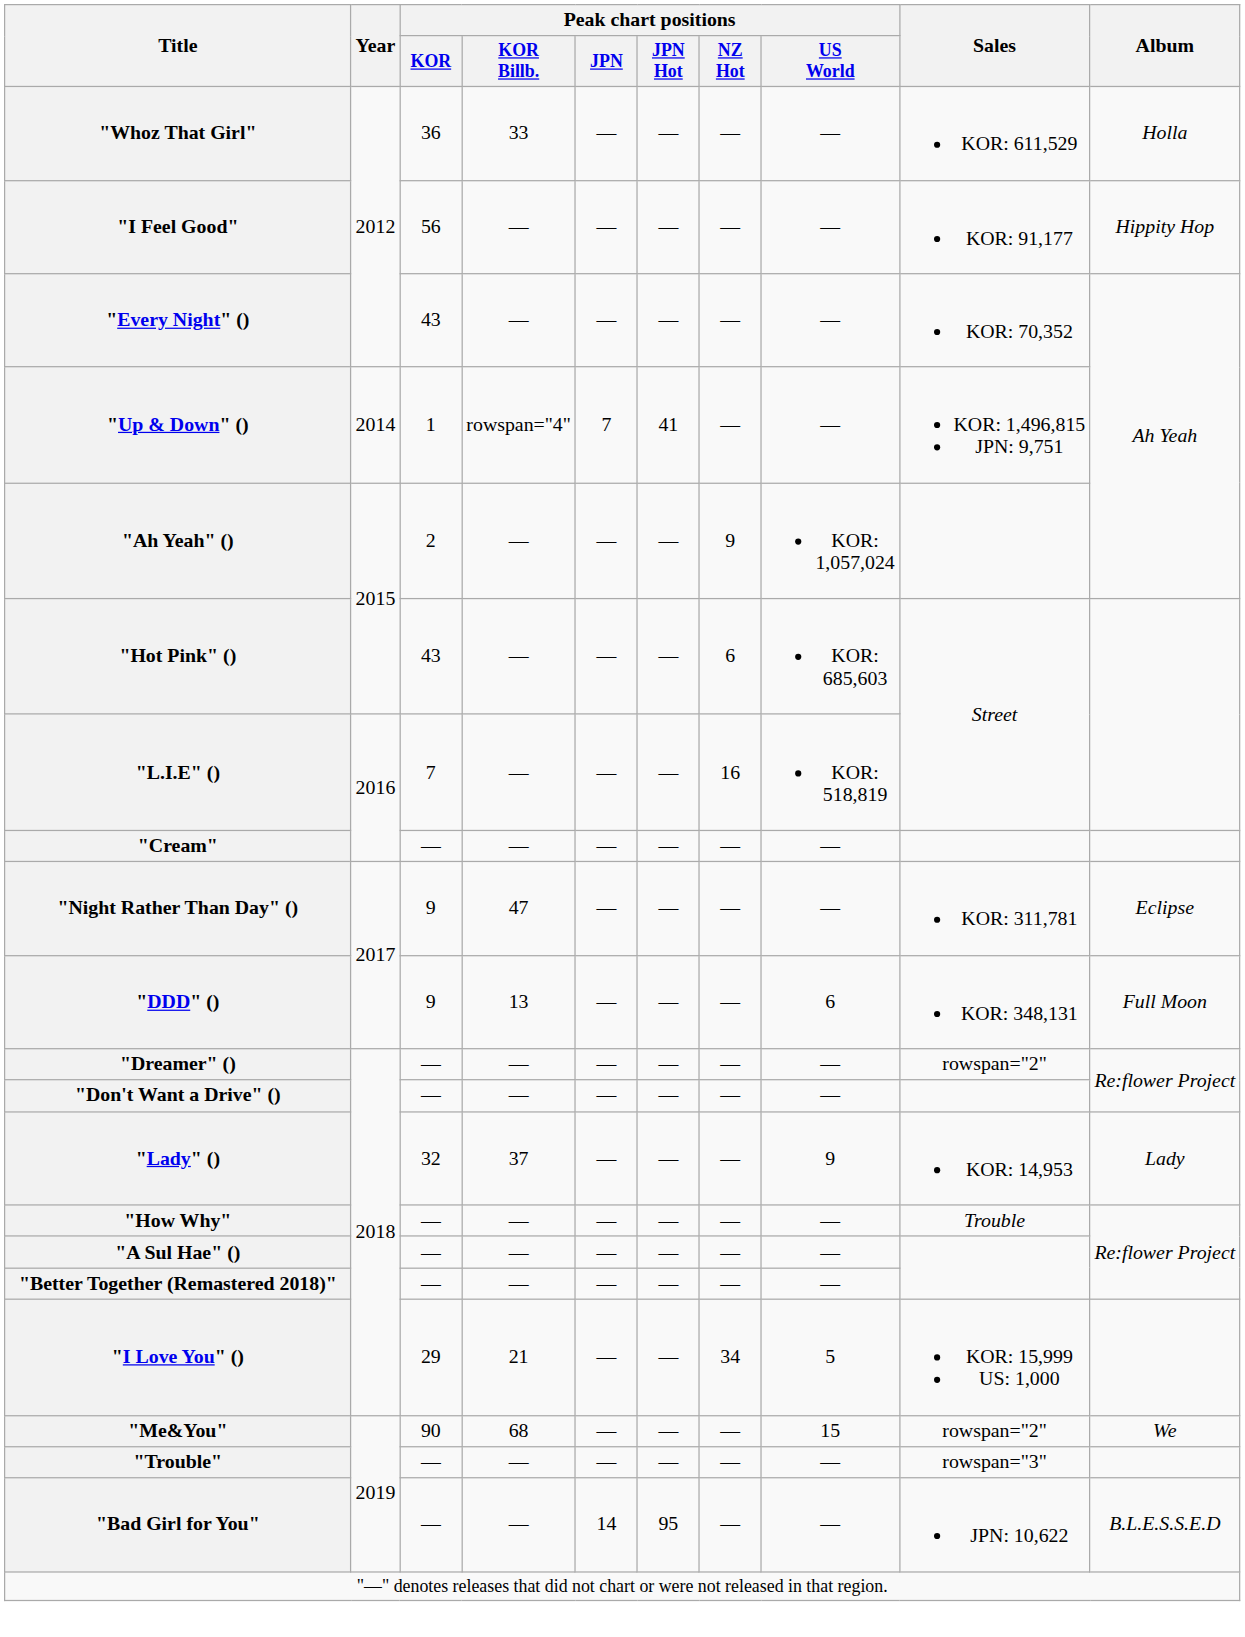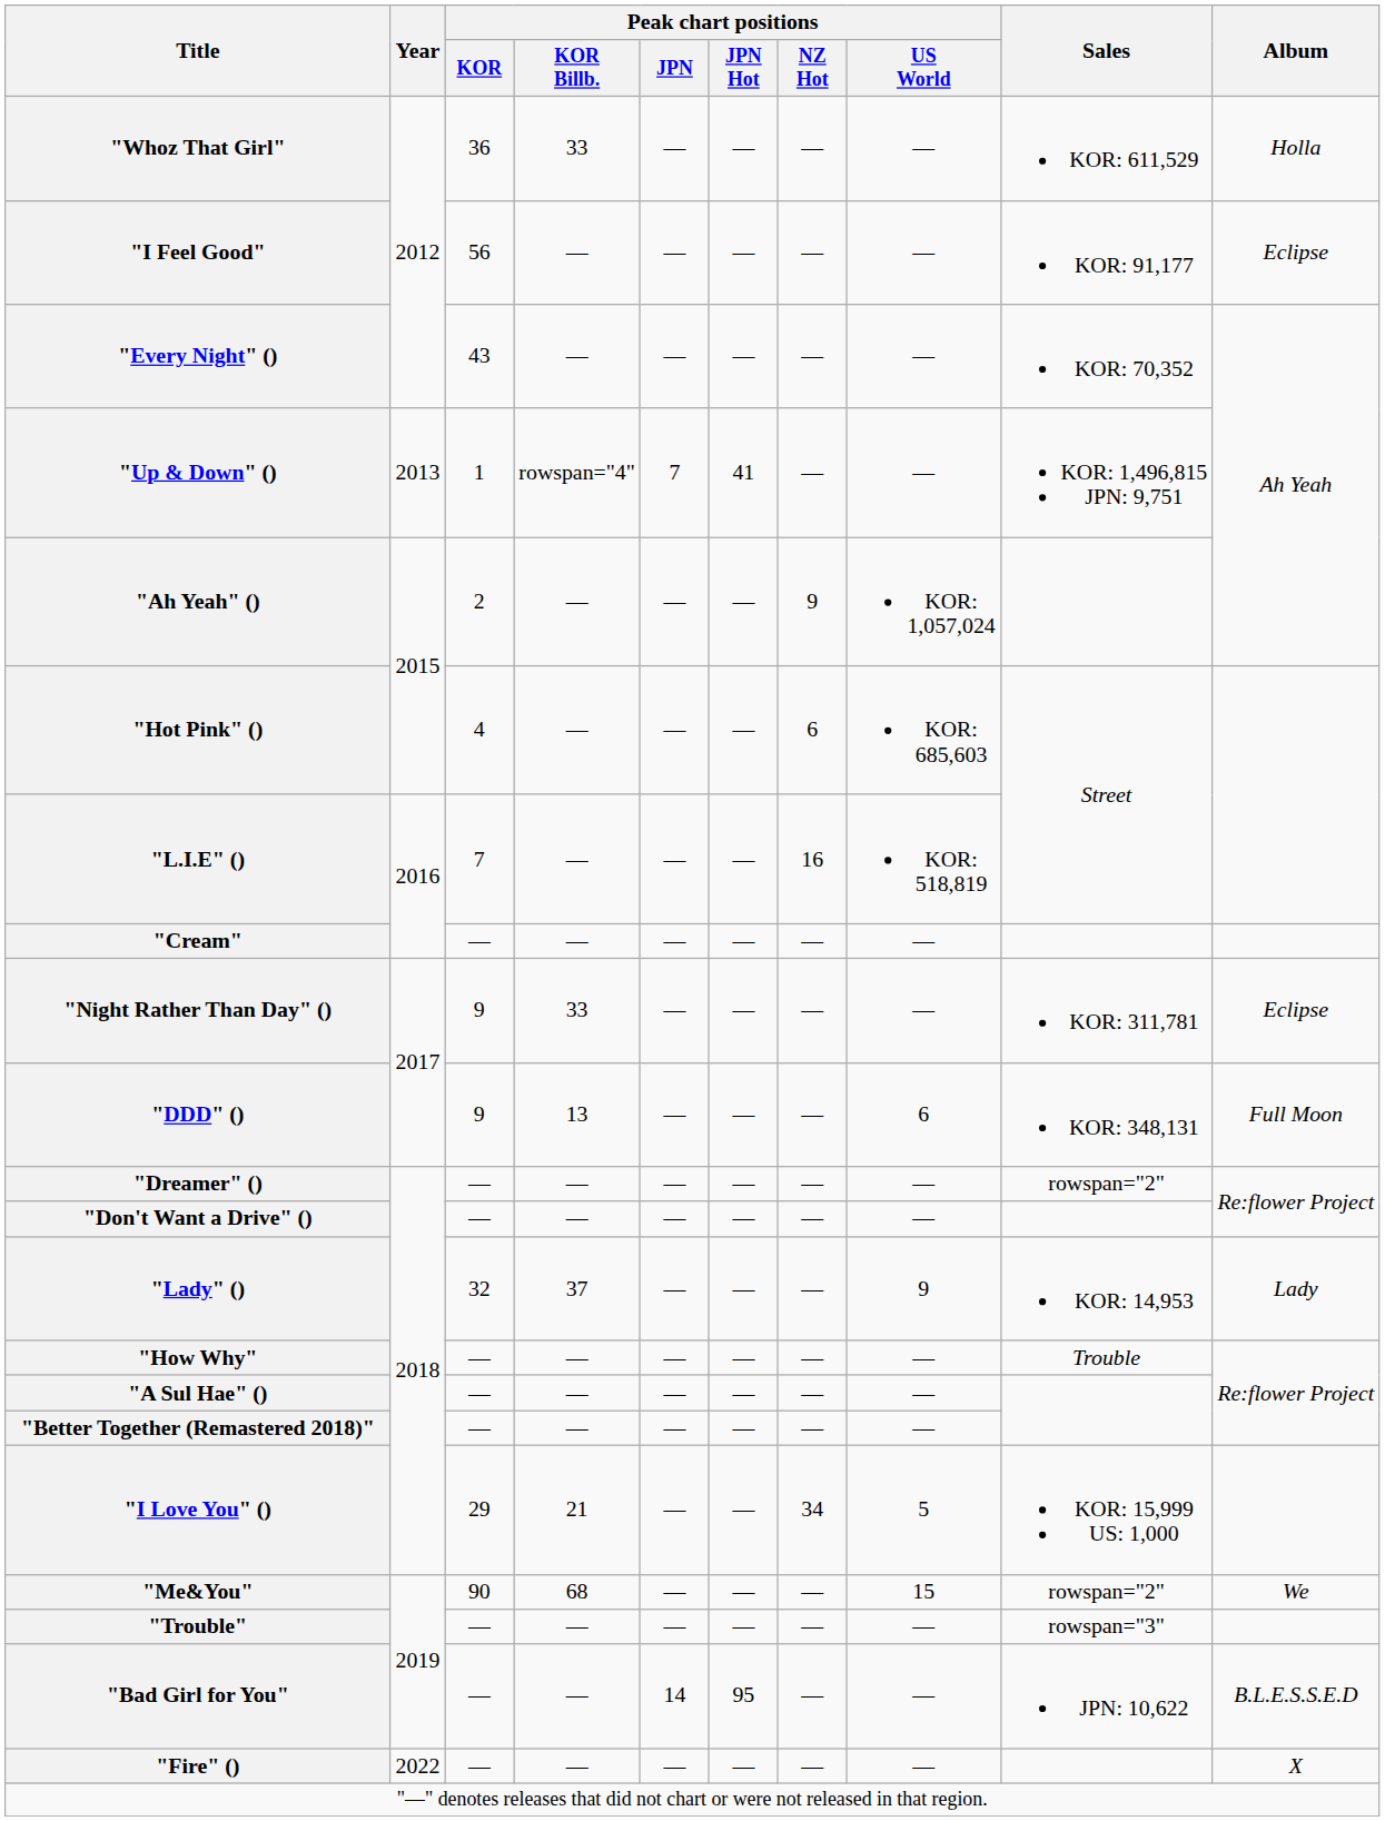 <table class="wikitable plainrowheaders" style="text-align:center">
 <tr>
 <th scope="col" rowspan="2" style="width:17em">Title</th>
 <th scope="col" rowspan="2">Year</th>
 <th scope="col" colspan="6">Peak chart positions</th>
 <th scope="col" rowspan="2">Sales</th>
 <th scope="col" rowspan="2">Album</th>
 </tr>
 <tr>
 <th scope="col" style="width:3em;font-size:90%"><a href='#'>KOR</a><br></th>
 <th scope="col" style="width:3em;font-size:90%"><a href='#'>KOR<br>Billb.</a><br></th>
 <th scope="col" style="width:3em;font-size:90%"><a href='#'>JPN</a><br></th>
 <th scope="col" style="width:3em;font-size:90%"><a href='#'>JPN<br>Hot</a><br></th>
 <th scope="col" style="width:3em;font-size:90%"><a href='#'>NZ<br>Hot</a><br></th>
 <th scope="col" style="width:3em;font-size:90%"><a href='#'>US<br>World</a><br></th>
 </tr>
 <tr>
 <th scope="row">"Whoz That Girl"</th>
 <td rowspan="3">2012</td>
 <td>36</td>
 <td>33</td>
 <td>—</td>
 <td>—</td>
 <td>—</td>
 <td>—</td>
 <td><br><ul><li>KOR: 611,529</li></ul></td>
 <td><em>Holla</em></td>
 </tr>
 <tr>
 <th scope="row">"I Feel Good"</th>
 <td>56</td>
 <td>—</td>
 <td>—</td>
 <td>—</td>
 <td>—</td>
 <td>—</td>
 <td><br><ul><li>KOR: 91,177</li></ul></td>
-<td><em>Hippity Hop</em></td>
+<td><em>Eclipse</em></td>
 </tr>
 <tr>
 <th scope="row">"<a href='#'>Every Night</a>" ()</th>
 <td>43</td>
 <td>—</td>
 <td>—</td>
 <td>—</td>
 <td>—</td>
 <td>—</td>
 <td><br><ul><li>KOR: 70,352</li></ul></td>
 <td rowspan="3"><em>Ah Yeah</em></td>
 </tr>
 <tr>
 <th scope="row">"<a href='#'>Up & Down</a>" ()</th>
-<td>2014</td>
+<td>2013</td>
 <td>1</td>
 <td>rowspan="4" </td>
 <td>7</td>
 <td>41</td>
 <td>—</td>
 <td>—</td>
 <td><br><ul><li>KOR: 1,496,815</li><li>JPN: 9,751</li></ul></td>
 </tr>
 <tr>
 <th scope="row">"Ah Yeah" ()</th>
 <td rowspan="2">2015</td>
 <td>2</td>
 <td>—</td>
 <td>—</td>
 <td>—</td>
 <td>9</td>
 <td><br><ul><li>KOR: 1,057,024</li></ul></td>
 </tr>
 <tr>
 <th scope="row">"Hot Pink" ()</th>
-<td>43</td>
+<td>4</td>
 <td>—</td>
 <td>—</td>
 <td>—</td>
 <td>6</td>
 <td><br><ul><li>KOR: 685,603</li></ul></td>
 <td rowspan="2"><em>Street</em></td>
 </tr>
 <tr>
 <th scope="row">"L.I.E" ()</th>
 <td rowspan="2">2016</td>
 <td>7</td>
 <td>—</td>
 <td>—</td>
 <td>—</td>
 <td>16</td>
 <td><br><ul><li>KOR: 518,819</li></ul></td>
 </tr>
 <tr>
 <th scope="row">"Cream"</th>
 <td>—</td>
 <td>—</td>
 <td>—</td>
 <td>—</td>
 <td>—</td>
 <td>—</td>
 <td></td>
 <td></td>
 </tr>
 <tr>
 <th scope="row">"Night Rather Than Day" ()</th>
 <td rowspan="2">2017</td>
 <td>9</td>
-<td>47</td>
+<td>33</td>
 <td>—</td>
 <td>—</td>
 <td>—</td>
 <td>—</td>
 <td><br><ul><li>KOR: 311,781</li></ul></td>
 <td><em>Eclipse</em></td>
 </tr>
 <tr>
 <th scope="row">"<a href='#'>DDD</a>" ()</th>
 <td>9</td>
 <td>13</td>
 <td>—</td>
 <td>—</td>
 <td>—</td>
 <td>6</td>
 <td><br><ul><li>KOR: 348,131</li></ul></td>
 <td><em>Full Moon</em></td>
 </tr>
 <tr>
 <th scope="row">"Dreamer" ()</th>
 <td rowspan="7">2018</td>
 <td>—</td>
 <td>—</td>
 <td>—</td>
 <td>—</td>
 <td>—</td>
 <td>—</td>
 <td>rowspan="2" </td>
 <td rowspan="2"><em>Re:flower Project</em></td>
 </tr>
 <tr>
 <th scope="row">"Don't Want a Drive" ()</th>
 <td>—</td>
 <td>—</td>
 <td>—</td>
 <td>—</td>
 <td>—</td>
 <td>—</td>
 </tr>
 <tr>
 <th scope="row">"<a href='#'>Lady</a>" ()</th>
 <td>32</td>
 <td>37</td>
 <td>—</td>
 <td>—</td>
 <td>—</td>
 <td>9</td>
 <td><br><ul><li>KOR: 14,953 </li></ul></td>
 <td><em>Lady</em></td>
 </tr>
 <tr>
 <th scope="row">"How Why"</th>
 <td>—</td>
 <td>—</td>
 <td>—</td>
 <td>—</td>
 <td>—</td>
 <td>—</td>
 <td><em>Trouble</em></td>
 <td rowspan="3"><em>Re:flower Project</em></td>
 </tr>
 <tr>
 <th scope="row">"A Sul Hae" ()</th>
 <td>—</td>
 <td>—</td>
 <td>—</td>
 <td>—</td>
 <td>—</td>
 <td>—</td>
 </tr>
 <tr>
 <th scope="row">"Better Together (Remastered 2018)"</th>
 <td>—</td>
 <td>—</td>
 <td>—</td>
 <td>—</td>
 <td>—</td>
 <td>—</td>
 </tr>
 <tr>
 <th scope="row">"<a href='#'>I Love You</a>" ()</th>
 <td>29</td>
 <td>21</td>
 <td>—</td>
 <td>—</td>
 <td>34</td>
 <td>5</td>
 <td><br><ul><li>KOR: 15,999 </li><li>US: 1,000</li></ul></td>
 <td></td>
 </tr>
 <tr>
 <th scope="row">"Me&You"</th>
 <td rowspan="3">2019</td>
 <td>90</td>
 <td>68</td>
 <td>—</td>
 <td>—</td>
 <td>—</td>
 <td>15</td>
 <td>rowspan="2" </td>
 <td><em>We</em></td>
 </tr>
 <tr>
 <th scope="row">"Trouble"</th>
 <td>—</td>
 <td>—</td>
 <td>—</td>
 <td>—</td>
 <td>—</td>
 <td>—</td>
 <td>rowspan="3" </td>
 </tr>
 <tr>
 <th scope="row">"Bad Girl for You"</th>
 <td>—</td>
 <td>—</td>
 <td>14</td>
 <td>95</td>
 <td>—</td>
 <td>—</td>
 <td><br><ul><li>JPN: 10,622</li></ul></td>
 <td><em>B.L.E.S.S.E.D</em></td>
 </tr>
 <tr>
+<th scope="row">"Fire" ()</th>
+<td>2022</td>
+<td>—</td>
+<td>—</td>
+<td>—</td>
+<td>—</td>
+<td>—</td>
+<td>—</td>
+<td></td>
+<td><em>X</em></td>
+</tr>
+<tr>
 <td colspan="10" style="font-size:90%">"—" denotes releases that did not chart or were not released in that region.</td>
 </tr>
 </table>
